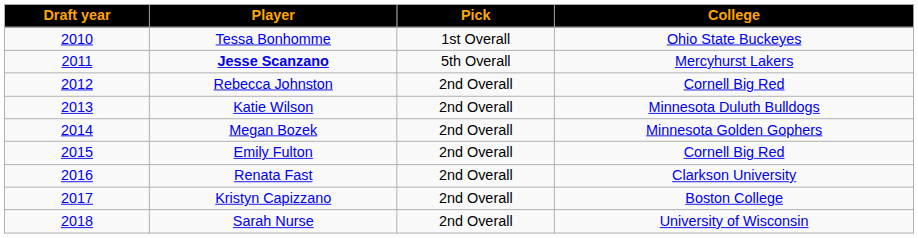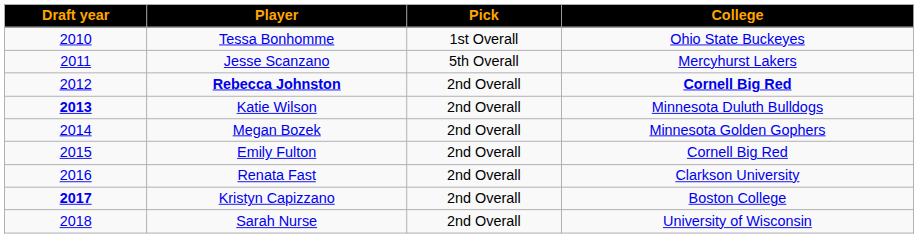 <table class="wikitable" style="width:80%;">
 <tr style="text-align:center; background:black; color:orange;">
 <td><strong>Draft year</strong></td>
 <td><strong>Player</strong></td>
 <td><strong>Pick</strong></td>
 <td><strong>College</strong></td>
 </tr>
 <tr style="text-align:center;" bgcolor="">
 <td><a href='#'>2010</a></td>
 <td><a href='#'>Tessa Bonhomme</a></td>
 <td>1st Overall</td>
 <td><a href='#'>Ohio State Buckeyes</a></td>
 </tr>
 <tr style="text-align:center;" bgcolor="">
 <td><a href='#'>2011</a></td>
-<td><strong><a href='#'>Jesse Scanzano</a></strong></td>
+<td><a href='#'>Jesse Scanzano</a></td>
 <td>5th Overall</td>
 <td><a href='#'>Mercyhurst Lakers</a></td>
 </tr>
 <tr style="text-align:center;" bgcolor="">
 <td><a href='#'>2012</a></td>
-<td><a href='#'>Rebecca Johnston</a></td>
+<td><strong><a href='#'>Rebecca Johnston</a></strong></td>
 <td>2nd Overall</td>
-<td><a href='#'>Cornell Big Red</a></td>
+<td><strong><a href='#'>Cornell Big Red</a></strong></td>
 </tr>
 <tr style="text-align:center;" bgcolor="">
-<td><a href='#'>2013</a></td>
+<td><strong><a href='#'>2013</a></strong></td>
 <td><a href='#'>Katie Wilson</a></td>
 <td>2nd Overall</td>
 <td><a href='#'>Minnesota Duluth Bulldogs</a></td>
 </tr>
 <tr style="text-align:center;" bgcolor="">
 <td><a href='#'>2014</a></td>
 <td><a href='#'>Megan Bozek</a></td>
 <td>2nd Overall</td>
 <td><a href='#'>Minnesota Golden Gophers</a></td>
 </tr>
 <tr style="text-align:center;" bgcolor="">
 <td><a href='#'>2015</a></td>
 <td><a href='#'>Emily Fulton</a></td>
 <td>2nd Overall</td>
 <td><a href='#'>Cornell Big Red</a></td>
 </tr>
 <tr style="text-align:center;" bgcolor="">
 <td><a href='#'>2016</a></td>
 <td><a href='#'>Renata Fast</a></td>
 <td>2nd Overall</td>
 <td><a href='#'>Clarkson University</a></td>
 </tr>
 <tr style="text-align:center;" bgcolor="">
-<td><a href='#'>2017</a></td>
+<td><strong><a href='#'>2017</a></strong></td>
 <td><a href='#'>Kristyn Capizzano</a></td>
 <td>2nd Overall</td>
 <td><a href='#'>Boston College</a></td>
 </tr>
 <tr style="text-align:center;" bgcolor="">
 <td><a href='#'>2018</a></td>
 <td><a href='#'>Sarah Nurse</a></td>
 <td>2nd Overall</td>
 <td><a href='#'>University of Wisconsin</a></td>
 </tr>
 </table>
